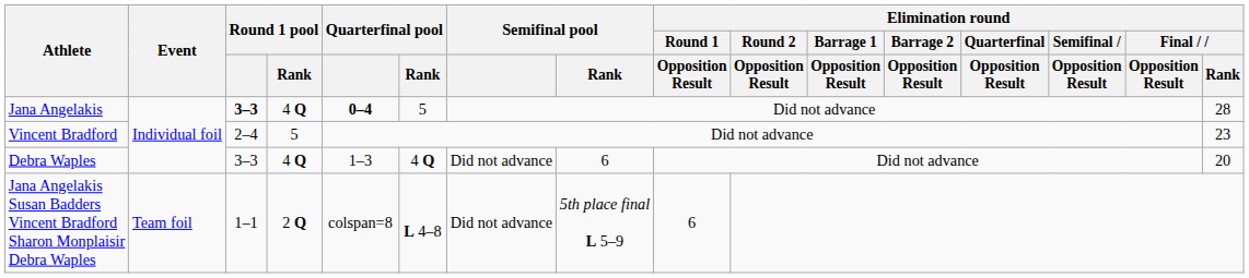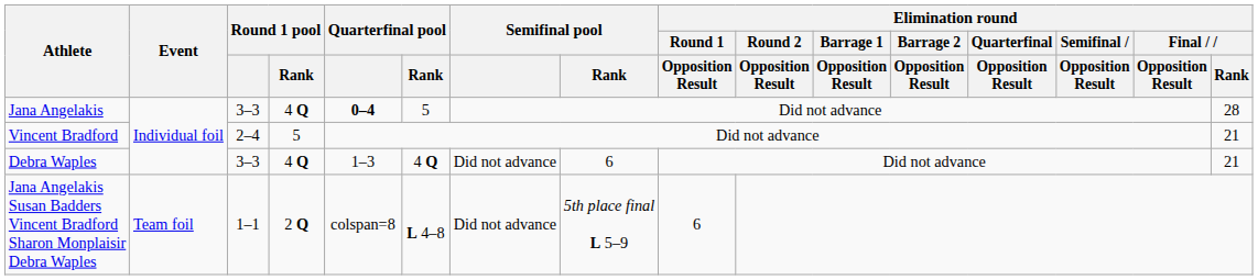 <table class=wikitable style=font-size:90%;text-align:center>
 <tr>
 <th rowspan=3>Athlete</th>
 <th rowspan=3>Event</th>
 <th colspan=2 rowspan=2>Round 1 pool</th>
 <th colspan=2 rowspan=2>Quarterfinal pool</th>
 <th colspan=2 rowspan=2>Semifinal pool</th>
 <th colspan=8>Elimination round</th>
 </tr>
 <tr style=font-size:95%>
 <th>Round 1</th>
 <th>Round 2</th>
 <th>Barrage 1</th>
 <th>Barrage 2</th>
 <th>Quarterfinal</th>
 <th>Semifinal / </th>
 <th colspan=2>Final /  / </th>
 </tr>
 <tr style=font-size:95%>
 <th></th>
 <th>Rank</th>
 <th></th>
 <th>Rank</th>
 <th></th>
 <th>Rank</th>
 <th>Opposition<br>Result</th>
 <th>Opposition<br>Result</th>
 <th>Opposition<br>Result</th>
 <th>Opposition<br>Result</th>
 <th>Opposition<br>Result</th>
 <th>Opposition<br>Result</th>
 <th>Opposition<br>Result</th>
 <th>Rank</th>
 </tr>
 <tr>
 <td align=left><a href='#'>Jana Angelakis</a></td>
 <td align=left rowspan=3><a href='#'>Individual foil</a></td>
-<td><strong>3–3</strong></td>
+<td>3–3</td>
 <td>4 <strong>Q</strong></td>
 <td><strong>0–4</strong></td>
 <td>5</td>
 <td colspan=9>Did not advance</td>
 <td>28</td>
 </tr>
 <tr>
 <td align=left><a href='#'>Vincent Bradford</a></td>
 <td>2–4</td>
 <td>5</td>
 <td colspan=11>Did not advance</td>
-<td>23</td>
+<td>21</td>
 </tr>
 <tr>
 <td align=left><a href='#'>Debra Waples</a></td>
 <td>3–3</td>
 <td>4 <strong>Q</strong></td>
 <td>1–3</td>
 <td>4 <strong>Q</strong></td>
 <td>Did not advance</td>
 <td>6</td>
 <td colspan=7>Did not advance</td>
-<td>20</td>
+<td>21</td>
 </tr>
 <tr>
 <td align=left><a href='#'>Jana Angelakis</a><br><a href='#'>Susan Badders</a><br><a href='#'>Vincent Bradford</a><br><a href='#'>Sharon Monplaisir</a><br><a href='#'>Debra Waples</a></td>
 <td align=left><a href='#'>Team foil</a></td>
 <td>1–1</td>
 <td>2 <strong>Q</strong></td>
 <td>colspan=8 </td>
 <td><br><strong>L</strong> 4–8</td>
 <td>Did not advance</td>
 <td><em>5th place final</em><br><br><strong>L</strong> 5–9</td>
 <td>6</td>
 </tr>
 </table>
